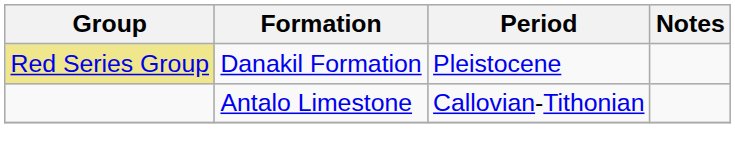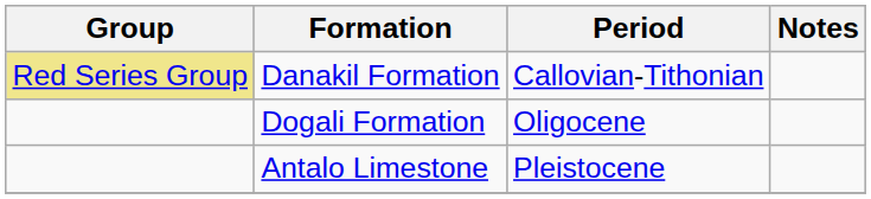 <table class="wikitable sortable">
 <tr>
 <th>Group</th>
 <th>Formation</th>
 <th>Period</th>
 <th class="unsortable">Notes</th>
 </tr>
 <tr>
 <td style="background: khaki;"><a href='#'>Red Series Group</a></td>
 <td><a href='#'>Danakil Formation</a></td>
-<td style="background-color: "><a href='#'>Pleistocene</a></td>
+<td style="background-color: "><a href='#'>Callovian</a>-<a href='#'>Tithonian</a></td>
+<td align=center></td>
+</tr>
+<tr>
+<td></td>
+<td><a href='#'>Dogali Formation</a></td>
+<td style="background-color: "><a href='#'>Oligocene</a></td>
 <td align=center></td>
 </tr>
 <tr>
 <td></td>
 <td><a href='#'>Antalo Limestone</a></td>
-<td style="background-color: "><a href='#'>Callovian</a>-<a href='#'>Tithonian</a></td>
+<td style="background-color: "><a href='#'>Pleistocene</a></td>
 <td align=center></td>
 </tr>
 <tr>
 </tr>
 </table>
